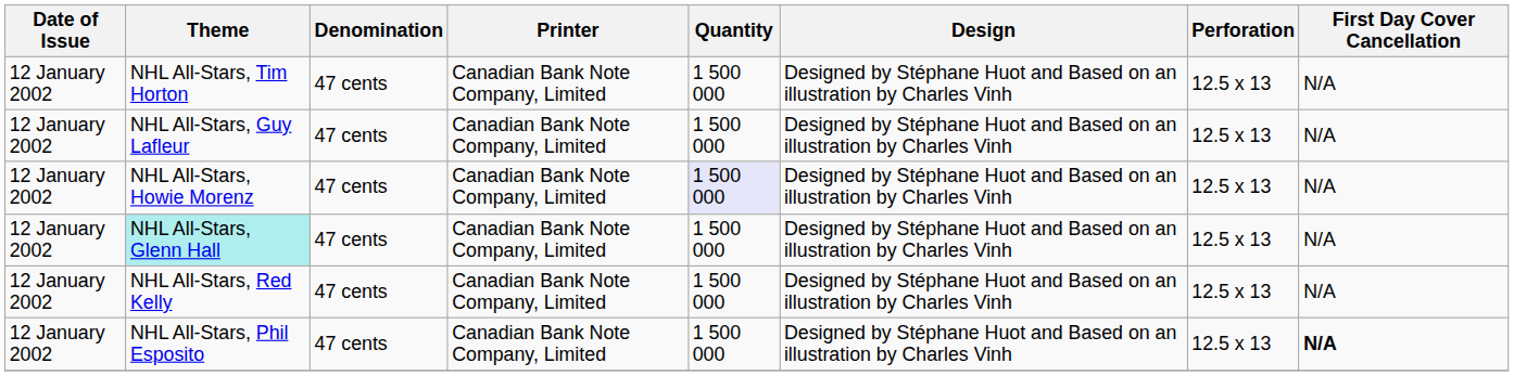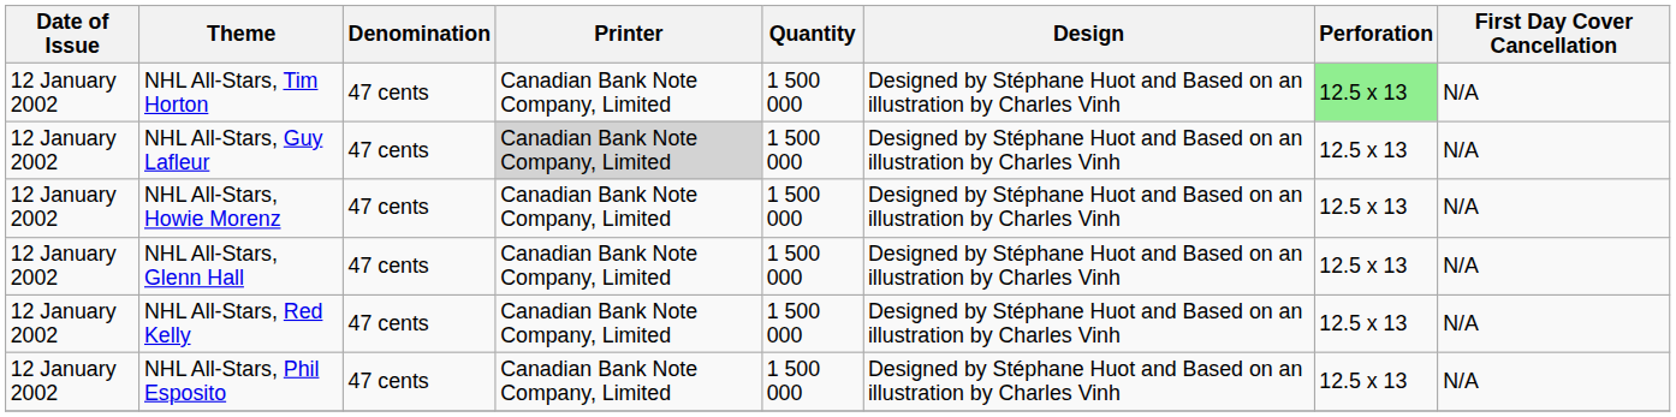 <table class="wikitable sortable">
 <tr>
 <th>Date of Issue</th>
 <th>Theme</th>
 <th>Denomination</th>
 <th>Printer</th>
 <th>Quantity</th>
 <th>Design</th>
 <th>Perforation</th>
 <th>First Day Cover Cancellation</th>
 </tr>
 <tr>
 <td>12 January 2002</td>
 <td>NHL All-Stars, <a href='#'>Tim Horton</a></td>
 <td>47 cents</td>
 <td>Canadian Bank Note Company, Limited</td>
 <td>1 500 000</td>
 <td>Designed by Stéphane Huot and Based on an illustration by Charles Vinh</td>
-<td>12.5 x 13</td>
+<td style="background: lightgreen;">12.5 x 13</td>
 <td>N/A</td>
 </tr>
 <tr>
 <td>12 January 2002</td>
 <td>NHL All-Stars, <a href='#'>Guy Lafleur</a></td>
 <td>47 cents</td>
-<td>Canadian Bank Note Company, Limited</td>
+<td style="background: lightgrey;">Canadian Bank Note Company, Limited</td>
 <td>1 500 000</td>
 <td>Designed by Stéphane Huot and Based on an illustration by Charles Vinh</td>
 <td>12.5 x 13</td>
 <td>N/A</td>
 </tr>
 <tr>
 <td>12 January 2002</td>
 <td>NHL All-Stars, <a href='#'>Howie Morenz</a></td>
 <td>47 cents</td>
 <td>Canadian Bank Note Company, Limited</td>
-<td style="background: lavender;">1 500 000</td>
+<td>1 500 000</td>
 <td>Designed by Stéphane Huot and Based on an illustration by Charles Vinh</td>
 <td>12.5 x 13</td>
 <td>N/A</td>
 </tr>
 <tr>
 <td>12 January 2002</td>
-<td style="background: paleturquoise;">NHL All-Stars, <a href='#'>Glenn Hall</a></td>
+<td>NHL All-Stars, <a href='#'>Glenn Hall</a></td>
 <td>47 cents</td>
 <td>Canadian Bank Note Company, Limited</td>
 <td>1 500 000</td>
 <td>Designed by Stéphane Huot and Based on an illustration by Charles Vinh</td>
 <td>12.5 x 13</td>
 <td>N/A</td>
 </tr>
 <tr>
 <td>12 January 2002</td>
 <td>NHL All-Stars, <a href='#'>Red Kelly</a></td>
 <td>47 cents</td>
 <td>Canadian Bank Note Company, Limited</td>
 <td>1 500 000</td>
 <td>Designed by Stéphane Huot and Based on an illustration by Charles Vinh</td>
 <td>12.5 x 13</td>
 <td>N/A</td>
 </tr>
 <tr>
 <td>12 January 2002</td>
 <td>NHL All-Stars, <a href='#'>Phil Esposito</a></td>
 <td>47 cents</td>
 <td>Canadian Bank Note Company, Limited</td>
 <td>1 500 000</td>
 <td>Designed by Stéphane Huot and Based on an illustration by Charles Vinh</td>
 <td>12.5 x 13</td>
-<td><strong>N/A</strong></td>
+<td>N/A</td>
 </tr>
 <tr>
 </tr>
 </table>
